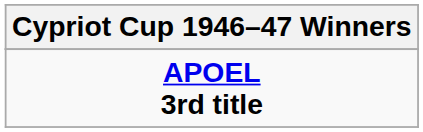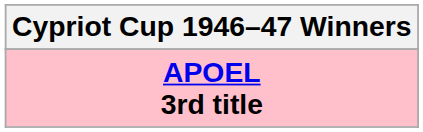 <table class="wikitable" style="text-align:center;margin: 0 auto;">
 <tr>
 <th>Cypriot Cup 1946–47 Winners</th>
 </tr>
 <tr>
 </tr>
 <tr>
-<td><strong><a href='#'>APOEL</a></strong><br><strong>3rd title</strong></td>
+<td style="background: pink;"><strong><a href='#'>APOEL</a></strong><br><strong>3rd title</strong></td>
 </tr>
 </table>
